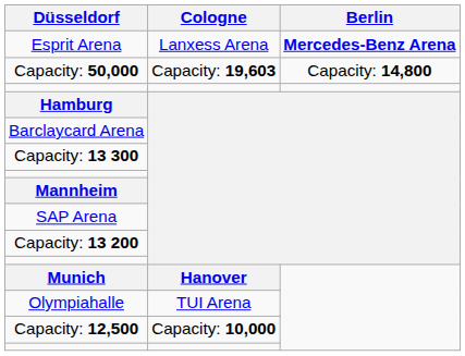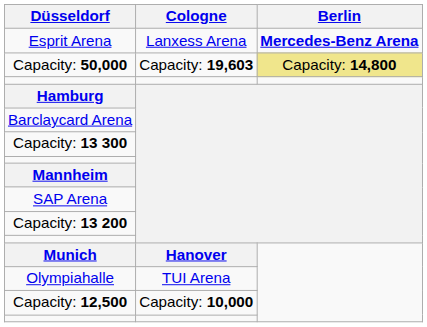 <table class="wikitable" style="text-align:center">
 <tr>
 <th><a href='#'>Düsseldorf</a></th>
 <th><a href='#'>Cologne</a></th>
 <th><a href='#'>Berlin</a></th>
 </tr>
 <tr>
 <td><a href='#'>Esprit Arena</a></td>
 <td><a href='#'>Lanxess Arena</a></td>
 <td><strong><a href='#'>Mercedes-Benz Arena</a></strong></td>
 </tr>
 <tr>
 <td>Capacity: <strong>50,000</strong></td>
 <td>Capacity: <strong>19,603</strong></td>
-<td>Capacity: <strong>14,800</strong></td>
+<td style="background: khaki;">Capacity: <strong>14,800</strong></td>
 </tr>
 <tr>
 <td></td>
 <td></td>
 <td></td>
 </tr>
 <tr>
 <th><a href='#'>Hamburg</a></th>
 <th rowspan=8 colspan=3></th>
 </tr>
 <tr>
 <td><a href='#'>Barclaycard Arena</a></td>
 </tr>
 <tr>
 <td>Capacity: <strong>13 300</strong></td>
 </tr>
 <tr>
 <td></td>
 </tr>
 <tr>
 <th><a href='#'>Mannheim</a></th>
 </tr>
 <tr>
 <td><a href='#'>SAP Arena</a></td>
 </tr>
 <tr>
 <td>Capacity: <strong>13 200</strong></td>
 </tr>
 <tr>
 <td></td>
 </tr>
 <tr>
 <th><a href='#'>Munich</a></th>
 <th><a href='#'>Hanover</a></th>
 </tr>
 <tr>
 <td><a href='#'>Olympiahalle</a></td>
 <td><a href='#'>TUI Arena</a></td>
 </tr>
 <tr>
 <td>Capacity: <strong>12,500</strong></td>
 <td>Capacity: <strong>10,000</strong></td>
 </tr>
 <tr>
 <td></td>
 <td></td>
 </tr>
 </table>
